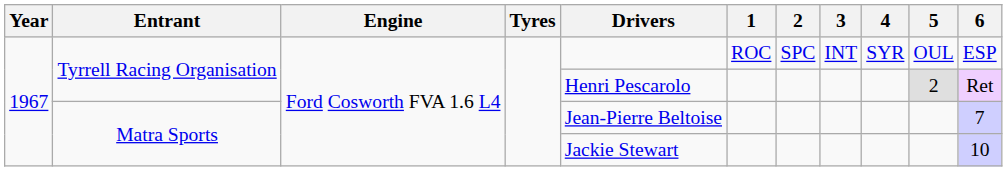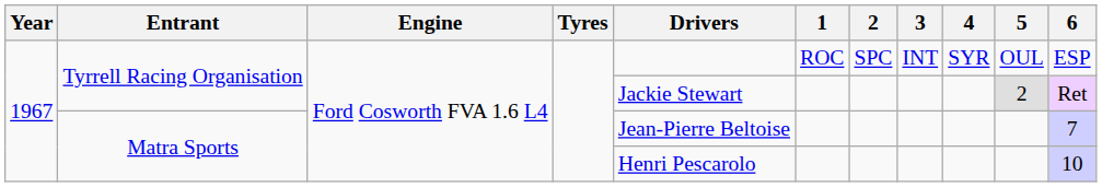 <table class="wikitable" style="text-align:center; font-size:95%">
 <tr>
 <th>Year</th>
 <th>Entrant</th>
 <th>Engine</th>
 <th>Tyres</th>
 <th>Drivers</th>
 <th>1</th>
 <th>2</th>
 <th>3</th>
 <th>4</th>
 <th>5</th>
 <th>6</th>
 </tr>
 <tr>
 <td rowspan=4><a href='#'>1967</a></td>
 <td rowspan=2><a href='#'>Tyrrell Racing Organisation</a></td>
 <td rowspan=4><a href='#'>Ford</a> <a href='#'>Cosworth</a> FVA 1.6 <a href='#'>L4</a></td>
 <td rowspan=4></td>
 <td></td>
 <td><a href='#'>ROC</a></td>
 <td><a href='#'>SPC</a></td>
 <td><a href='#'>INT</a></td>
 <td><a href='#'>SYR</a></td>
 <td><a href='#'>OUL</a></td>
 <td><a href='#'>ESP</a></td>
 </tr>
 <tr>
-<td align="left"><a href='#'>Henri Pescarolo</a></td>
+<td align="left"><a href='#'>Jackie Stewart</a></td>
 <td></td>
 <td></td>
 <td></td>
 <td></td>
 <td style="background:#DFDFDF;">2</td>
 <td style="background:#EFCFFF;">Ret</td>
 </tr>
 <tr>
 <td rowspan=2><a href='#'>Matra Sports</a></td>
 <td align="left"><a href='#'>Jean-Pierre Beltoise</a></td>
 <td></td>
 <td></td>
 <td></td>
 <td></td>
 <td></td>
 <td style="background:#CFCFFF;">7</td>
 </tr>
 <tr>
-<td align="left"><a href='#'>Jackie Stewart</a></td>
+<td align="left"><a href='#'>Henri Pescarolo</a></td>
 <td></td>
 <td></td>
 <td></td>
 <td></td>
 <td></td>
 <td style="background:#CFCFFF;">10</td>
 </tr>
 </table>
